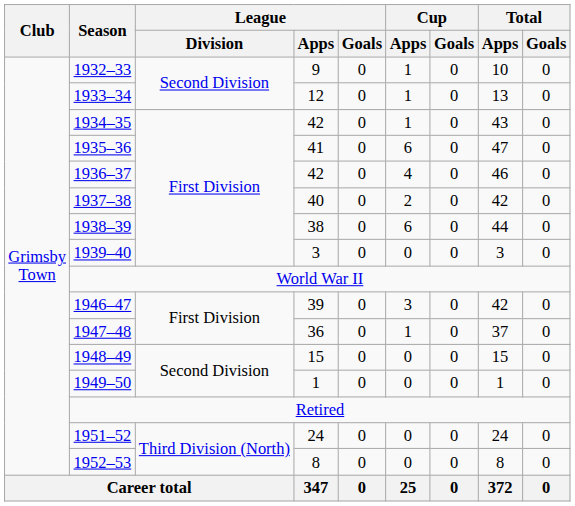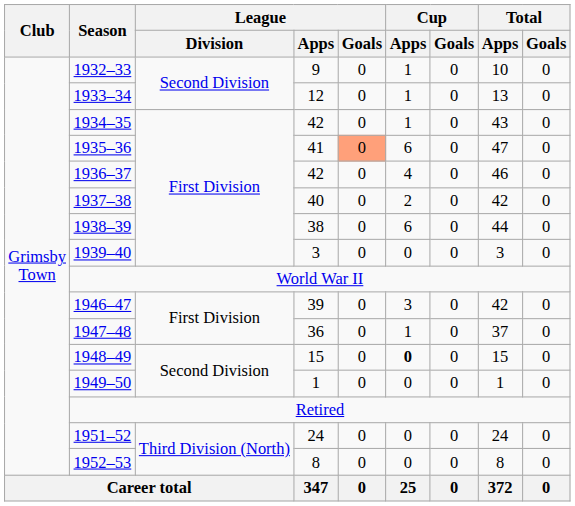 <table class="wikitable" style="text-align:center">
 <tr>
 <th rowspan="2">Club</th>
 <th rowspan="2">Season</th>
 <th colspan="3">League</th>
 <th colspan="2">Cup</th>
 <th colspan="2">Total</th>
 </tr>
 <tr>
 <th>Division</th>
 <th>Apps</th>
 <th>Goals</th>
 <th>Apps</th>
 <th>Goals</th>
 <th>Apps</th>
 <th>Goals</th>
 </tr>
 <tr>
 <td rowspan="16"><a href='#'>Grimsby<br>Town</a></td>
 <td><a href='#'>1932–33</a></td>
 <td rowspan="2"><a href='#'>Second Division</a></td>
 <td>9</td>
 <td>0</td>
 <td>1</td>
 <td>0</td>
 <td>10</td>
 <td>0</td>
 </tr>
 <tr>
 <td><a href='#'>1933–34</a></td>
 <td>12</td>
 <td>0</td>
 <td>1</td>
 <td>0</td>
 <td>13</td>
 <td>0</td>
 </tr>
 <tr>
 <td><a href='#'>1934–35</a></td>
 <td rowspan="6"><a href='#'>First Division</a></td>
 <td>42</td>
 <td>0</td>
 <td>1</td>
 <td>0</td>
 <td>43</td>
 <td>0</td>
 </tr>
 <tr>
 <td><a href='#'>1935–36</a></td>
 <td>41</td>
-<td>0</td>
+<td style="background: lightsalmon;">0</td>
 <td>6</td>
 <td>0</td>
 <td>47</td>
 <td>0</td>
 </tr>
 <tr>
 <td><a href='#'>1936–37</a></td>
 <td>42</td>
 <td>0</td>
 <td>4</td>
 <td>0</td>
 <td>46</td>
 <td>0</td>
 </tr>
 <tr>
 <td><a href='#'>1937–38</a></td>
 <td>40</td>
 <td>0</td>
 <td>2</td>
 <td>0</td>
 <td>42</td>
 <td>0</td>
 </tr>
 <tr>
 <td><a href='#'>1938–39</a></td>
 <td>38</td>
 <td>0</td>
 <td>6</td>
 <td>0</td>
 <td>44</td>
 <td>0</td>
 </tr>
 <tr>
 <td><a href='#'>1939–40</a></td>
 <td>3</td>
 <td>0</td>
 <td>0</td>
 <td>0</td>
 <td>3</td>
 <td>0</td>
 </tr>
 <tr>
 <td colspan="8"><a href='#'>World War II</a></td>
 </tr>
 <tr>
 <td><a href='#'>1946–47</a></td>
 <td rowspan="2">First Division</td>
 <td>39</td>
 <td>0</td>
 <td>3</td>
 <td>0</td>
 <td>42</td>
 <td>0</td>
 </tr>
 <tr>
 <td><a href='#'>1947–48</a></td>
 <td>36</td>
 <td>0</td>
 <td>1</td>
 <td>0</td>
 <td>37</td>
 <td>0</td>
 </tr>
 <tr>
 <td><a href='#'>1948–49</a></td>
 <td rowspan="2">Second Division</td>
 <td>15</td>
 <td>0</td>
-<td>0</td>
+<td><strong>0</strong></td>
 <td>0</td>
 <td>15</td>
 <td>0</td>
 </tr>
 <tr>
 <td><a href='#'>1949–50</a></td>
 <td>1</td>
 <td>0</td>
 <td>0</td>
 <td>0</td>
 <td>1</td>
 <td>0</td>
 </tr>
 <tr>
 <td colspan="8"><a href='#'>Retired</a></td>
 </tr>
 <tr>
 <td><a href='#'>1951–52</a></td>
 <td rowspan="2"><a href='#'>Third Division (North)</a></td>
 <td>24</td>
 <td>0</td>
 <td>0</td>
 <td>0</td>
 <td>24</td>
 <td>0</td>
 </tr>
 <tr>
 <td><a href='#'>1952–53</a></td>
 <td>8</td>
 <td>0</td>
 <td>0</td>
 <td>0</td>
 <td>8</td>
 <td>0</td>
 </tr>
 <tr>
 <th colspan="3">Career total</th>
 <th>347</th>
 <th>0</th>
 <th>25</th>
 <th>0</th>
 <th>372</th>
 <th>0</th>
 </tr>
 </table>
